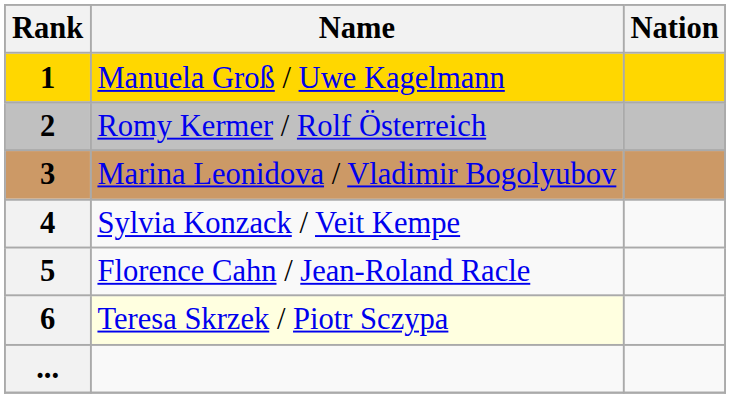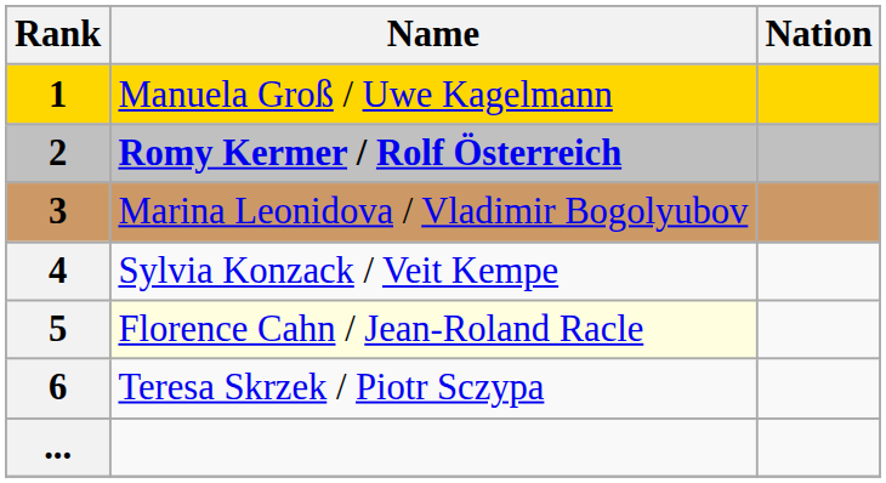 <table class="wikitable">
 <tr>
 <th>Rank</th>
 <th>Name</th>
 <th>Nation</th>
 </tr>
 <tr bgcolor="gold">
 <td align="center"><strong>1</strong></td>
 <td><a href='#'>Manuela Groß</a> / <a href='#'>Uwe Kagelmann</a></td>
 <td></td>
 </tr>
 <tr bgcolor="silver">
 <td align="center"><strong>2</strong></td>
-<td><a href='#'>Romy Kermer</a> / <a href='#'>Rolf Österreich </a></td>
+<td><strong><a href='#'>Romy Kermer</a> / <a href='#'>Rolf Österreich </a></strong></td>
 <td></td>
 </tr>
 <tr bgcolor="cc9966">
 <td align="center"><strong>3</strong></td>
 <td><a href='#'>Marina Leonidova</a> / <a href='#'>Vladimir Bogolyubov</a></td>
 <td></td>
 </tr>
 <tr>
 <th>4</th>
 <td><a href='#'>Sylvia Konzack</a> /  <a href='#'>Veit Kempe</a></td>
 <td></td>
 </tr>
 <tr>
 <th>5</th>
-<td><a href='#'>Florence Cahn</a> /  <a href='#'>Jean-Roland Racle</a></td>
+<td style="background: lightyellow;"><a href='#'>Florence Cahn</a> /  <a href='#'>Jean-Roland Racle</a></td>
 <td></td>
 </tr>
 <tr>
 <th>6</th>
-<td style="background: lightyellow;"><a href='#'>Teresa Skrzek</a> /  <a href='#'>Piotr Sczypa</a></td>
+<td><a href='#'>Teresa Skrzek</a> /  <a href='#'>Piotr Sczypa</a></td>
 <td></td>
 </tr>
 <tr>
 <th>...</th>
 <td></td>
 <td></td>
 </tr>
 <tr>
 </tr>
 </table>
